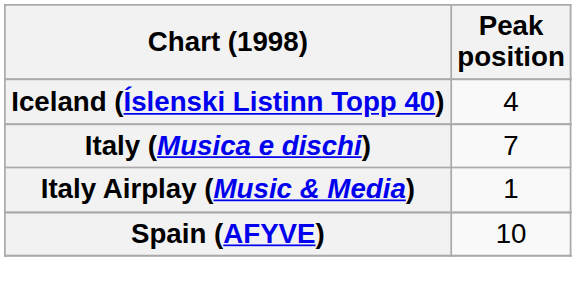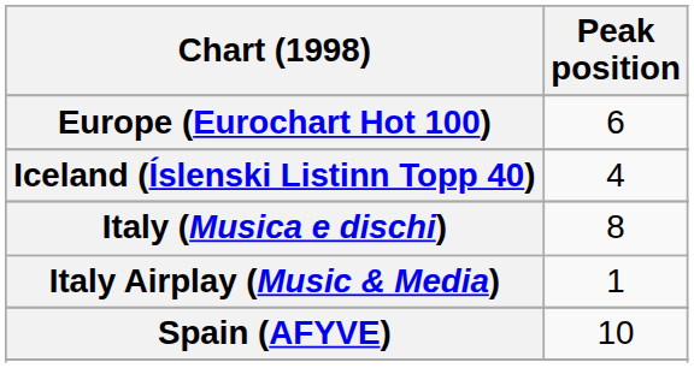 <table class="wikitable sortable plainrowheaders" style="text-align:center">
 <tr>
 <th scope="col">Chart (1998)</th>
 <th scope="col">Peak<br>position</th>
 </tr>
 <tr>
 </tr>
 <tr>
 </tr>
 <tr>
 </tr>
 <tr>
+</tr>
+<tr>
+<th scope="row">Europe (<a href='#'>Eurochart Hot 100</a>)</th>
+<td>6</td>
 </tr>
 <tr>
 </tr>
 <tr>
 </tr>
 <tr>
 </tr>
 <tr>
 <th scope="row">Iceland (<a href='#'>Íslenski Listinn Topp 40</a>)</th>
 <td>4</td>
 </tr>
 <tr>
 </tr>
 <tr>
 <th scope="row">Italy (<em><a href='#'>Musica e dischi</a></em>)</th>
-<td>7</td>
+<td>8</td>
 </tr>
 <tr>
 <th scope="row">Italy Airplay (<em><a href='#'>Music & Media</a></em>)</th>
 <td>1</td>
 </tr>
 <tr>
 </tr>
 <tr>
 </tr>
 <tr>
 </tr>
 <tr>
 </tr>
 <tr>
 <th scope="row">Spain (<a href='#'>AFYVE</a>)</th>
 <td>10</td>
 </tr>
 <tr>
 </tr>
 <tr>
 </tr>
 <tr>
 </tr>
 <tr>
 </tr>
 </table>
